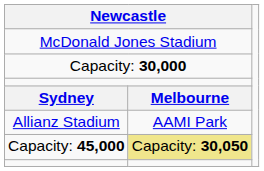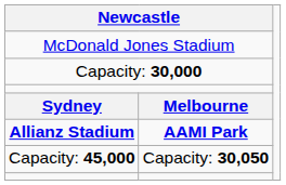 <table class="wikitable" style="text-align:center">
 <tr>
 <th colspan="2"><a href='#'>Newcastle</a></th>
 <td rowspan="10"></td>
 </tr>
 <tr>
 <td colspan="2"><a href='#'>McDonald Jones Stadium</a></td>
 </tr>
 <tr>
 <td colspan="2">Capacity: <strong>30,000</strong></td>
 </tr>
 <tr>
 <td colspan="2"></td>
 </tr>
 <tr>
 <th><a href='#'>Sydney</a></th>
 <th><a href='#'>Melbourne</a></th>
 </tr>
 <tr>
-<td><a href='#'>Allianz Stadium</a></td>
-<td><a href='#'>AAMI Park</a></td>
+<td><strong><a href='#'>Allianz Stadium</a></strong></td>
+<td><strong><a href='#'>AAMI Park</a></strong></td>
 </tr>
 <tr>
 <td>Capacity: <strong>45,000</strong></td>
-<td style="background: khaki;">Capacity: <strong>30,050</strong></td>
+<td>Capacity: <strong>30,050</strong></td>
 </tr>
 <tr>
 <td></td>
 <td></td>
 </tr>
 </table>
